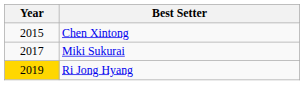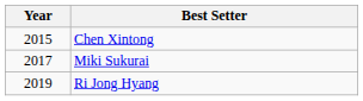 <table class="wikitable" style="width: 400px;">
 <tr>
 <th width="40">Year</th>
 <th width="200">Best Setter</th>
 </tr>
 <tr>
 <td align=center>2015</td>
 <td> <a href='#'>Chen Xintong</a></td>
 </tr>
 <tr>
 <td align=center>2017</td>
 <td> <a href='#'>Miki Sukurai</a></td>
 </tr>
 <tr>
-<td align=center style="background: gold;">2019</td>
+<td align=center>2019</td>
 <td> <a href='#'>Ri Jong Hyang</a></td>
 </tr>
 </table>
